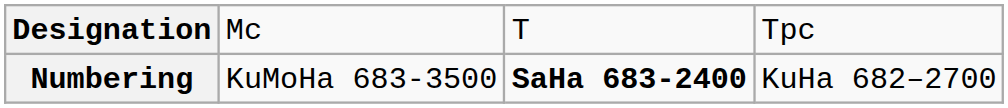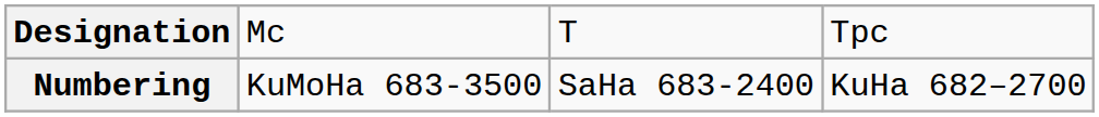 <table class="wikitable">
 <tr>
 <th>Designation</th>
 <td>Mc</td>
 <td>T</td>
 <td>Tpc</td>
 </tr>
 <tr>
 <th>Numbering</th>
 <td>KuMoHa 683-3500</td>
-<td><strong>SaHa 683-2400</strong></td>
+<td>SaHa 683-2400</td>
 <td>KuHa 682–2700</td>
 </tr>
 </table>
